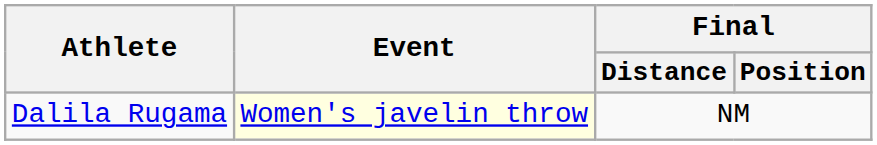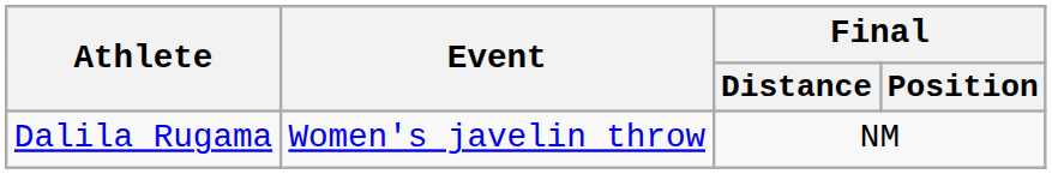 <table class=wikitable style="font-size:90%">
 <tr>
 <th rowspan="2">Athlete</th>
 <th rowspan="2">Event</th>
 <th colspan="2">Final</th>
 </tr>
 <tr style="font-size:95%">
 <th>Distance</th>
 <th>Position</th>
 </tr>
 <tr align=center>
 <td align=left><a href='#'>Dalila Rugama</a></td>
-<td align=left style="background: lightyellow;"><a href='#'>Women's javelin throw</a></td>
+<td align=left><a href='#'>Women's javelin throw</a></td>
 <td colspan=2>NM</td>
 </tr>
 </table>
